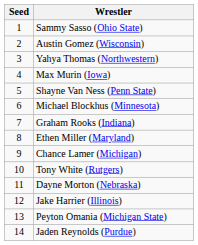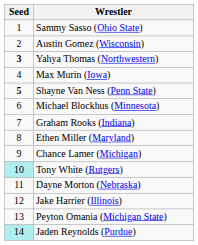 <table class="wikitable" style="text-align: center;">
 <tr>
 <th width="40">Seed</th>
 <th width="250">Wrestler</th>
 </tr>
 <tr>
 <td>1</td>
 <td align="left">Sammy Sasso (<a href='#'>Ohio State</a>)</td>
 </tr>
 <tr>
 <td>2</td>
 <td align="left">Austin Gomez (<a href='#'>Wisconsin</a>)</td>
 </tr>
 <tr>
-<td>3</td>
+<td><strong>3</strong></td>
 <td align="left">Yahya Thomas (<a href='#'>Northwestern</a>)</td>
 </tr>
 <tr>
 <td>4</td>
 <td align="left">Max Murin (<a href='#'>Iowa</a>)</td>
 </tr>
 <tr>
-<td>5</td>
+<td><strong>5</strong></td>
 <td align="left">Shayne Van Ness (<a href='#'>Penn State</a>)</td>
 </tr>
 <tr>
 <td>6</td>
 <td align="left">Michael Blockhus (<a href='#'>Minnesota</a>)</td>
 </tr>
 <tr>
 <td>7</td>
 <td align="left">Graham Rooks (<a href='#'>Indiana</a>)</td>
 </tr>
 <tr>
 <td>8</td>
 <td align="left">Ethen Miller (<a href='#'>Maryland</a>)</td>
 </tr>
 <tr>
 <td>9</td>
 <td align="left">Chance Lamer (<a href='#'>Michigan</a>)</td>
 </tr>
 <tr>
-<td>10</td>
+<td style="background: paleturquoise;">10</td>
 <td align="left">Tony White (<a href='#'>Rutgers</a>)</td>
 </tr>
 <tr>
 <td>11</td>
 <td align="left">Dayne Morton (<a href='#'>Nebraska</a>)</td>
 </tr>
 <tr>
 <td>12</td>
 <td align="left">Jake Harrier (<a href='#'>Illinois</a>)</td>
 </tr>
 <tr>
 <td>13</td>
 <td align="left">Peyton Omania (<a href='#'>Michigan State</a>)</td>
 </tr>
 <tr>
-<td>14</td>
+<td style="background: paleturquoise;">14</td>
 <td align="left">Jaden Reynolds (<a href='#'>Purdue</a>)</td>
 </tr>
 </table>
